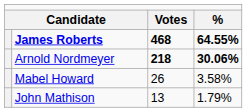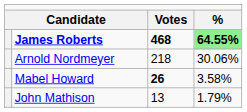 <table class="wikitable" style="font-size: 95%;">
 <tr>
 <td colspan=4></td>
 </tr>
 <tr style="background-color:#E9E9E9">
 <th colspan="2" style="width: 170px">Candidate</th>
 <th style="width: 50px">Votes</th>
 <th style="width: 40px">%</th>
 </tr>
 <tr>
 <th style="background-color: "></th>
 <td><strong><a href='#'>James Roberts</a></strong></td>
 <td><strong>468</strong></td>
-<td><strong>64.55%</strong></td>
+<td style="background: lightgreen;"><strong>64.55%</strong></td>
 </tr>
 <tr>
 <th style="background-color: "></th>
 <td><a href='#'>Arnold Nordmeyer</a></td>
-<td><strong>218</strong></td>
-<td><strong>30.06%</strong></td>
+<td>218</td>
+<td>30.06%</td>
 </tr>
 <tr>
 <th style="background-color: "></th>
 <td><a href='#'>Mabel Howard</a></td>
-<td>26</td>
+<td><strong>26</strong></td>
 <td>3.58%</td>
 </tr>
 <tr>
 <th style="background-color: "></th>
 <td><a href='#'>John Mathison</a></td>
 <td>13</td>
 <td>1.79%</td>
 </tr>
 </table>
